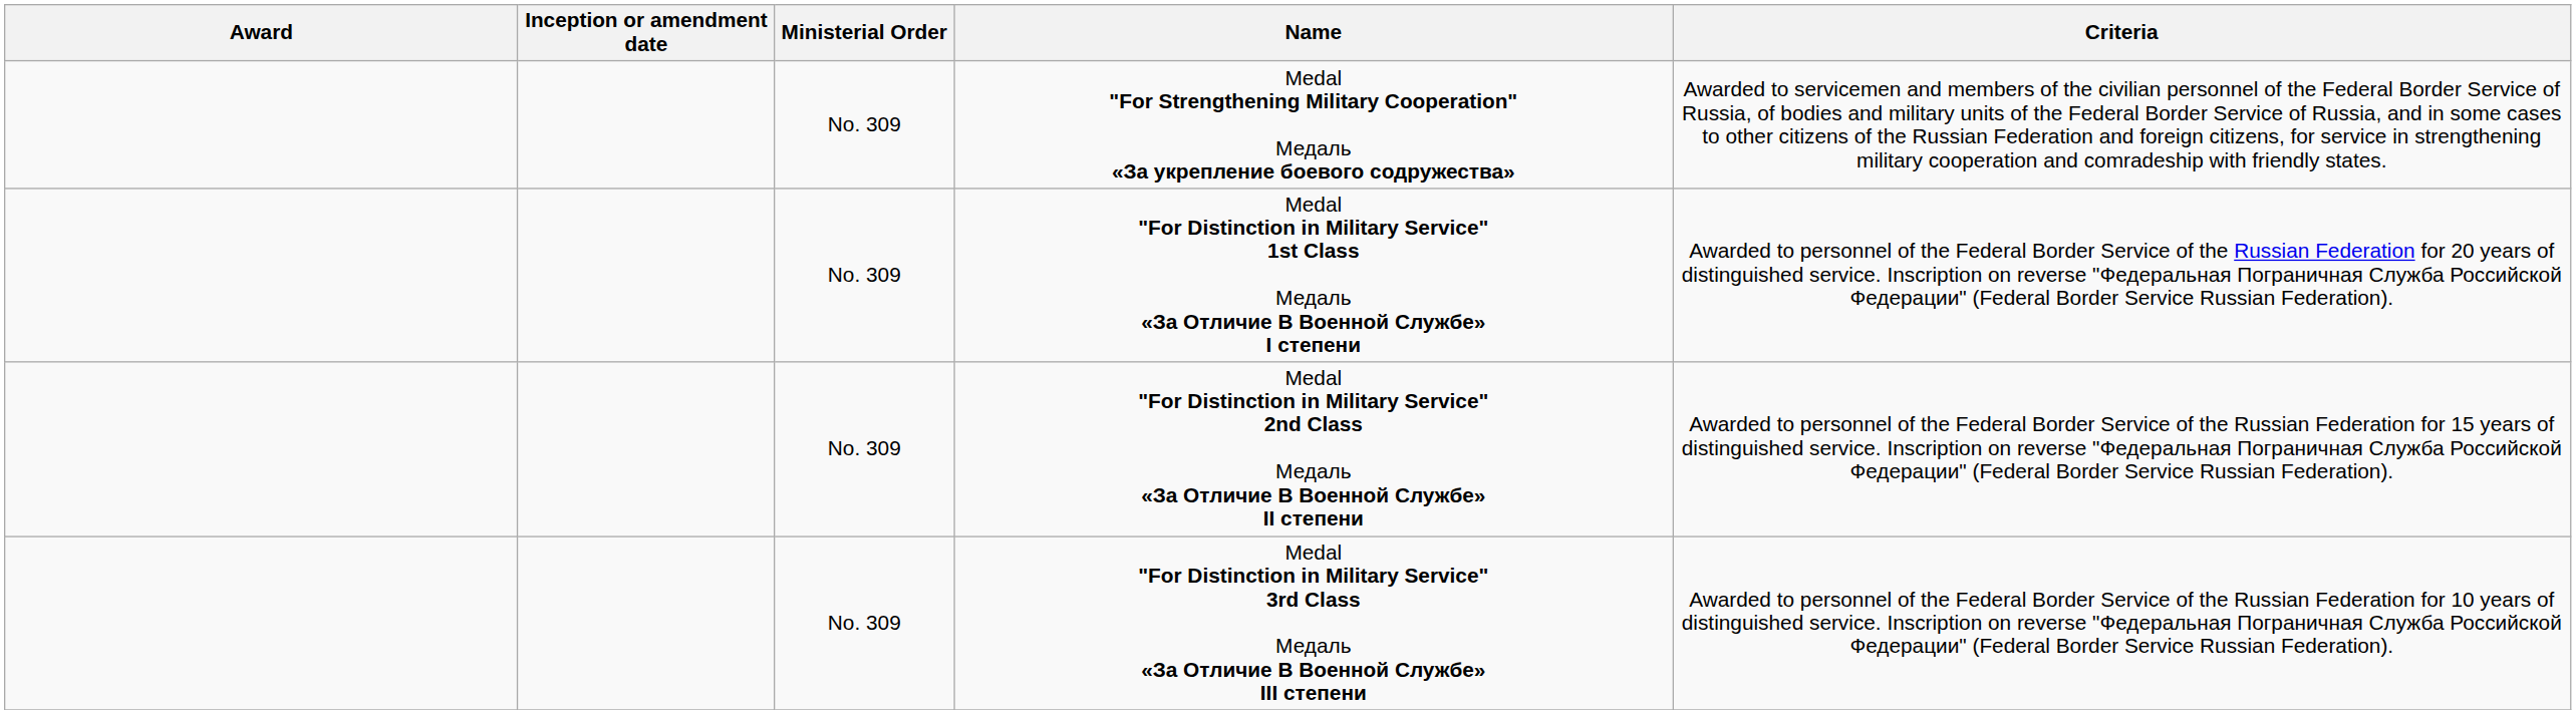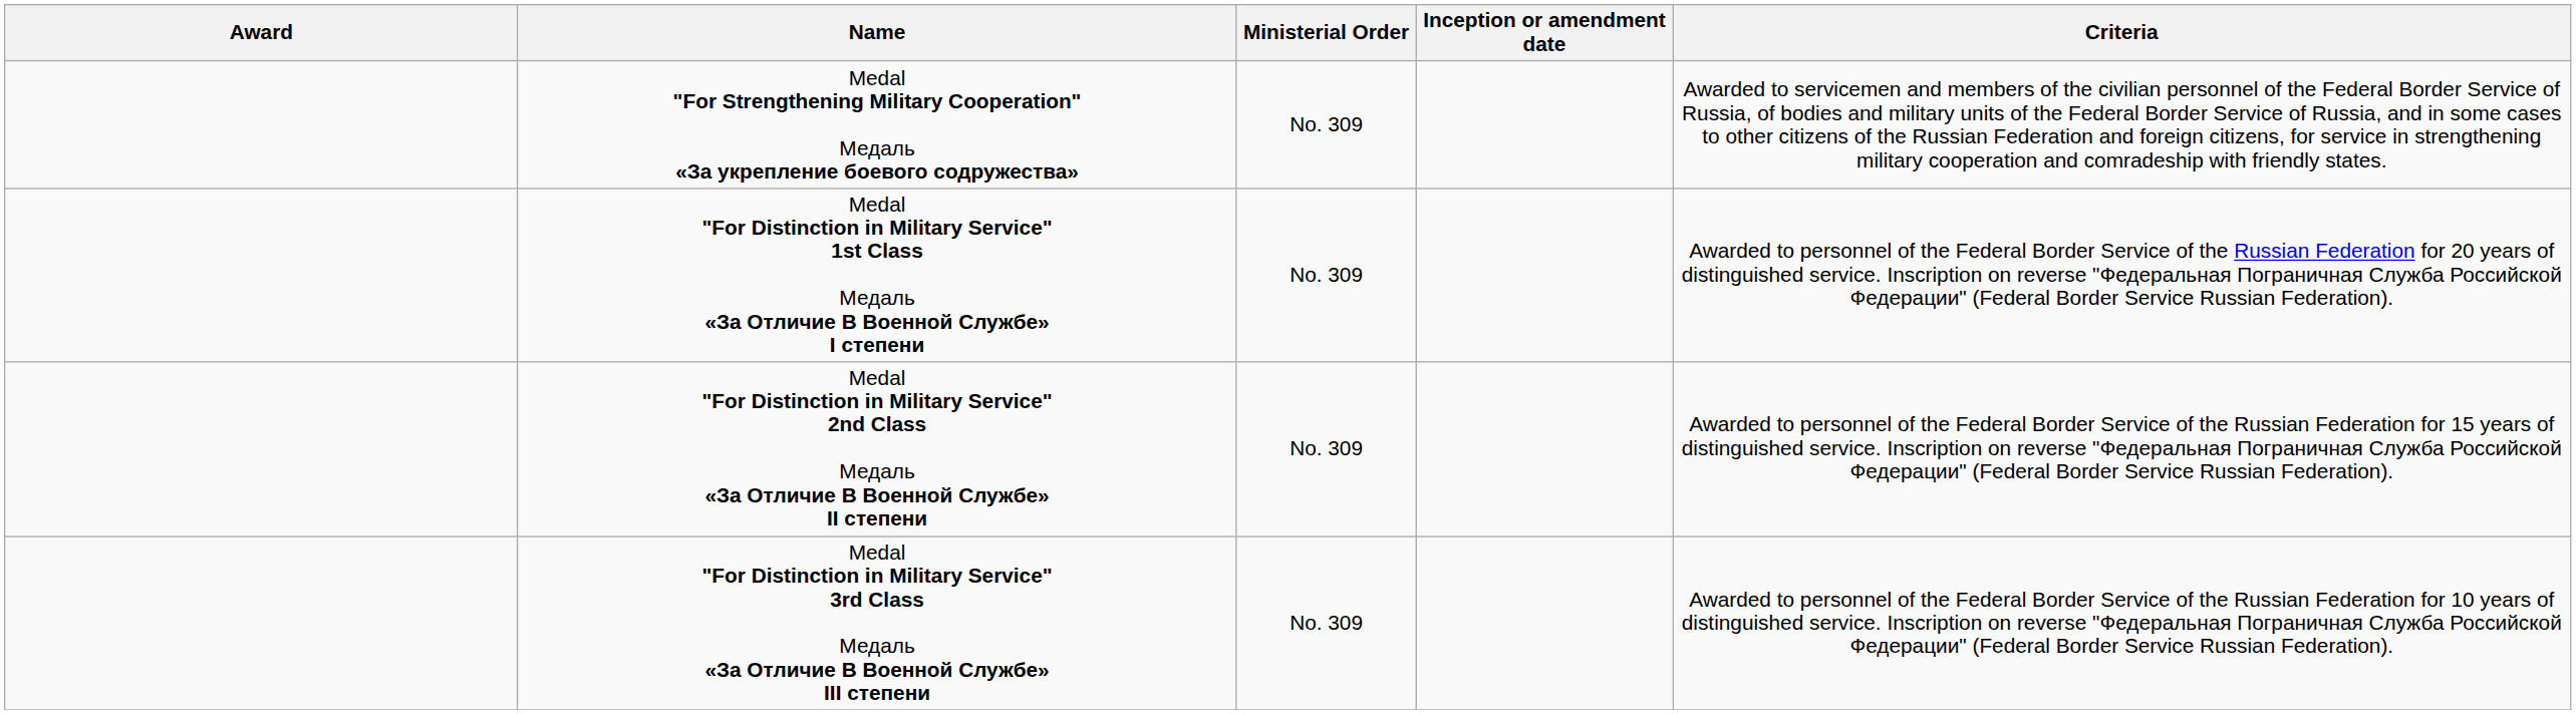 <table class="wikitable sortable" style="text-align:center">
 <tr>
 <th style="width:20%">Award</th>
+<th style="width:28%">Name </th>
+<th>Ministerial Order</th>
 <th style="width:10%">Inception or amendment date</th>
-<th>Ministerial Order</th>
-<th style="width:28%">Name </th>
 <th style="width:35%">Criteria</th>
 </tr>
 <tr>
 <td><br></td>
+<td>Medal<br><strong>"For Strengthening Military Cooperation"</strong><br><br>Медаль<br><strong>«За укрепление боевого содружества»</strong></td>
+<td>No. 309</td>
 <td></td>
-<td>No. 309</td>
-<td>Medal<br><strong>"For Strengthening Military Cooperation"</strong><br><br>Медаль<br><strong>«За укрепление боевого содружества»</strong></td>
 <td>Awarded to servicemen and members of the civilian personnel of the Federal Border Service of Russia, of bodies and military units of the Federal Border Service of Russia, and in some cases to other citizens of the Russian Federation and foreign citizens, for service in strengthening military cooperation and comradeship with friendly states.</td>
 </tr>
 <tr>
 <td><br></td>
+<td>Medal<br><strong>"For Distinction in Military Service"<br>1st Class</strong><br><br>Медаль<br><strong>«За Отличие В Военной Службе»<br>I степени</strong></td>
+<td>No. 309</td>
 <td></td>
-<td>No. 309</td>
-<td>Medal<br><strong>"For Distinction in Military Service"<br>1st Class</strong><br><br>Медаль<br><strong>«За Отличие В Военной Службе»<br>I степени</strong></td>
 <td>Awarded to personnel of the Federal Border Service of the <a href='#'>Russian Federation</a> for 20 years of distinguished service. Inscription on reverse "Федеральная Пограничная Служба Российской Федерации" (Federal Border Service Russian Federation).</td>
 </tr>
 <tr>
 <td><br></td>
+<td>Medal<br><strong>"For Distinction in Military Service"<br>2nd Class</strong><br><br>Медаль<br><strong>«За Отличие В Военной Службе»<br>II степени</strong></td>
+<td>No. 309</td>
 <td></td>
-<td>No. 309</td>
-<td>Medal<br><strong>"For Distinction in Military Service"<br>2nd Class</strong><br><br>Медаль<br><strong>«За Отличие В Военной Службе»<br>II степени</strong></td>
 <td>Awarded to personnel of the Federal Border Service of the Russian Federation for 15 years of distinguished service. Inscription on reverse "Федеральная Пограничная Служба Российской Федерации" (Federal Border Service Russian Federation).</td>
 </tr>
 <tr>
 <td><br></td>
+<td>Medal<br><strong>"For Distinction in Military Service"<br>3rd Class</strong><br><br>Медаль<br><strong>«За Отличие В Военной Службе»<br>III степени</strong></td>
+<td>No. 309</td>
 <td></td>
-<td>No. 309</td>
-<td>Medal<br><strong>"For Distinction in Military Service"<br>3rd Class</strong><br><br>Медаль<br><strong>«За Отличие В Военной Службе»<br>III степени</strong></td>
 <td>Awarded to personnel of the Federal Border Service of the Russian Federation for 10 years of distinguished service. Inscription on reverse "Федеральная Пограничная Служба Российской Федерации" (Federal Border Service Russian Federation).</td>
 </tr>
 </table>
